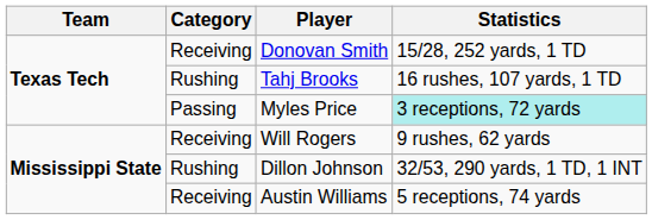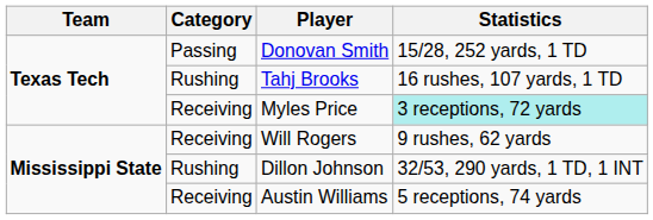 <table class="wikitable" style="float: right;">
 <tr>
 <th>Team</th>
 <th>Category</th>
 <th>Player</th>
 <th>Statistics</th>
 </tr>
 <tr>
 <td rowspan=3><strong>Texas Tech</strong></td>
-<td>Receiving</td>
+<td>Passing</td>
 <td><a href='#'>Donovan Smith</a></td>
 <td>15/28, 252 yards, 1 TD</td>
 </tr>
 <tr>
 <td>Rushing</td>
 <td><a href='#'>Tahj Brooks</a></td>
 <td>16 rushes, 107 yards, 1 TD</td>
 </tr>
 <tr>
-<td>Passing</td>
+<td>Receiving</td>
 <td>Myles Price</td>
 <td style="background: paleturquoise;">3 receptions, 72 yards</td>
 </tr>
 <tr>
 <td rowspan=3><strong>Mississippi State</strong></td>
 <td>Receiving</td>
 <td>Will Rogers</td>
 <td>9 rushes, 62 yards</td>
 </tr>
 <tr>
 <td>Rushing</td>
 <td>Dillon Johnson</td>
 <td>32/53, 290 yards, 1 TD, 1 INT</td>
 </tr>
 <tr>
 <td>Receiving</td>
 <td>Austin Williams</td>
 <td>5 receptions, 74 yards</td>
 </tr>
 </table>
